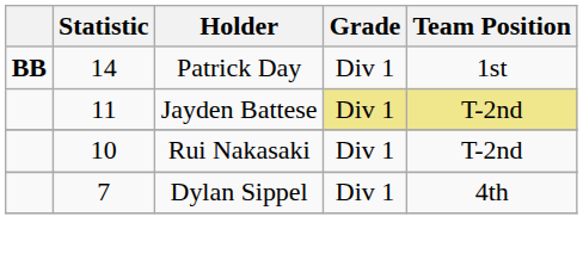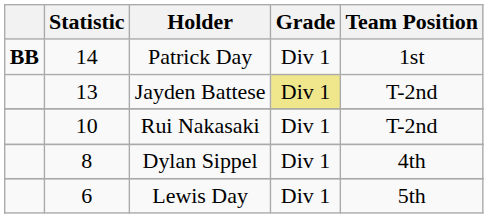 <table class="wikitable" style="text-align: center; mPERin: 0 auto;">
 <tr>
 <th></th>
 <th>Statistic</th>
 <th>Holder</th>
 <th>Grade</th>
 <th>Team Position</th>
 </tr>
 <tr>
 <td><strong>BB</strong></td>
 <td>14</td>
 <td>Patrick Day</td>
 <td>Div 1</td>
 <td>1st</td>
 </tr>
 <tr>
 <td></td>
-<td>11</td>
+<td>13</td>
 <td>Jayden Battese</td>
 <td style="background: khaki;">Div 1</td>
-<td style="background: khaki;">T-2nd</td>
+<td>T-2nd</td>
 </tr>
 <tr>
 </tr>
 <tr>
 <td></td>
 <td>10</td>
 <td>Rui Nakasaki</td>
 <td>Div 1</td>
 <td>T-2nd</td>
 </tr>
 <tr>
 </tr>
 <tr>
 <td></td>
-<td>7</td>
+<td>8</td>
 <td>Dylan Sippel</td>
 <td>Div 1</td>
 <td>4th</td>
 </tr>
 <tr>
 </tr>
+<tr>
+<td></td>
+<td>6</td>
+<td>Lewis Day</td>
+<td>Div 1</td>
+<td>5th</td>
+</tr>
 </table>
